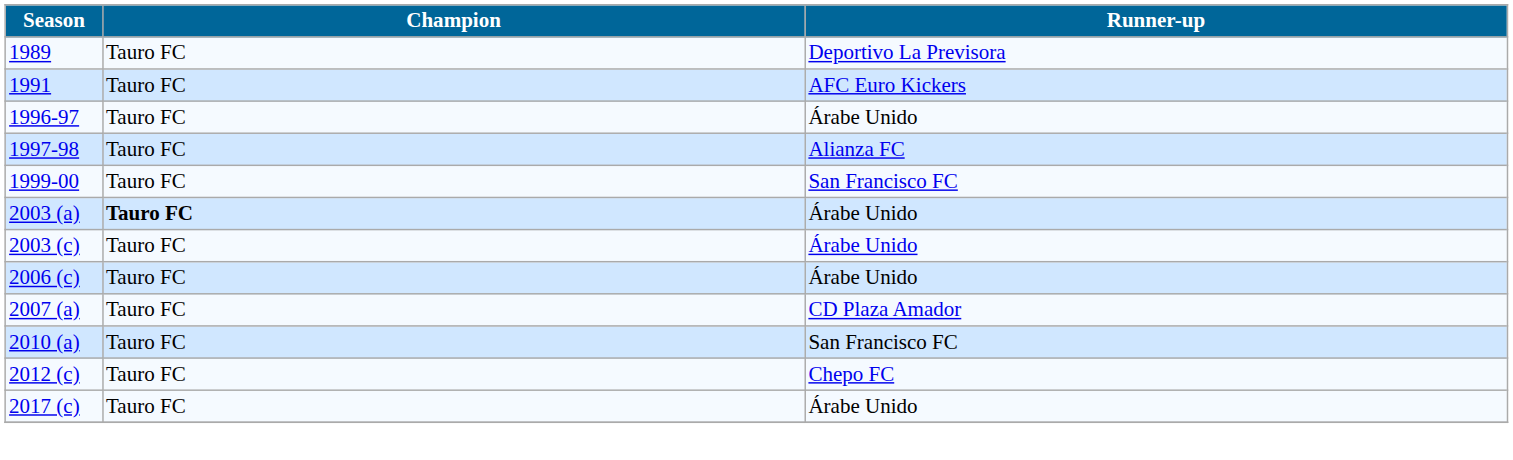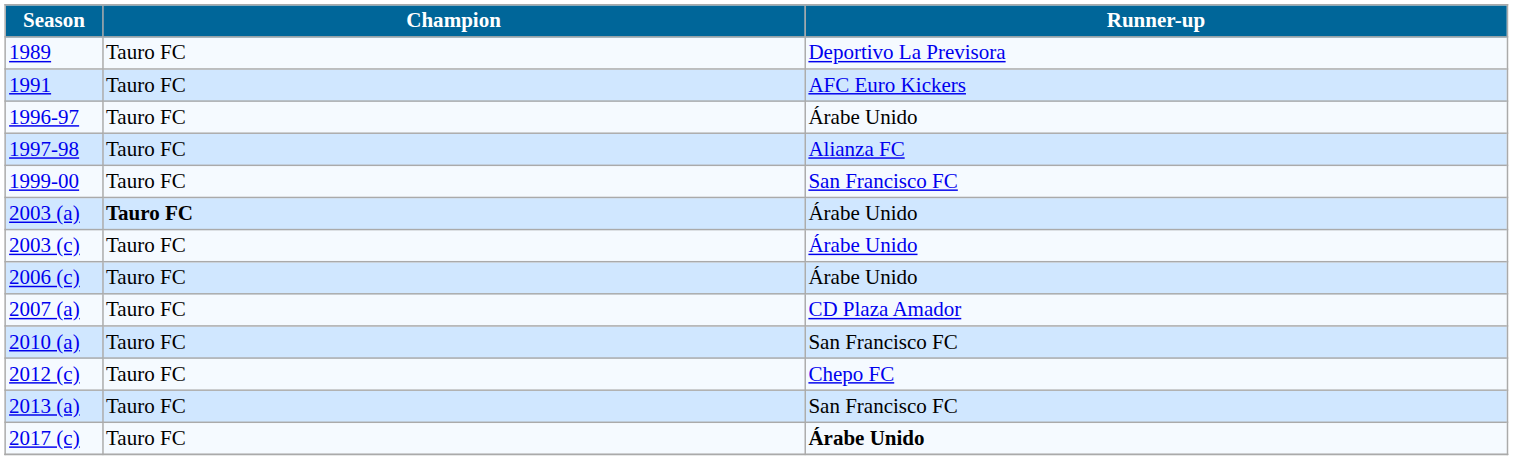 <table align=center width=65% border=1 cellpadding="2" cellspacing="0" style="background: #f9f9f9; border: 1px #AAA solid; border-collapse: collapse; font-size: 90%; text-align: ">
 <tr align=center bgcolor=#006699 style="color: white;">
 <th width=4%>Season</th>
 <th width=32%>Champion</th>
 <th width=32%>Runner-up</th>
 </tr>
 <tr bgcolor=#F5FAFF>
 <td><a href='#'>1989</a></td>
 <td>Tauro FC</td>
 <td><a href='#'>Deportivo La Previsora</a></td>
 </tr>
 <tr bgcolor=#D0E7FF>
 <td><a href='#'>1991</a></td>
 <td>Tauro FC</td>
 <td><a href='#'>AFC Euro Kickers</a></td>
 </tr>
 <tr bgcolor=#F5FAFF>
 <td><a href='#'>1996-97</a></td>
 <td>Tauro FC</td>
 <td>Árabe Unido</td>
 </tr>
 <tr bgcolor=#D0E7FF>
 <td><a href='#'>1997-98</a></td>
 <td>Tauro FC</td>
 <td><a href='#'>Alianza FC</a></td>
 </tr>
 <tr bgcolor=#F5FAFF>
 <td><a href='#'>1999-00</a></td>
 <td>Tauro FC</td>
 <td><a href='#'>San Francisco FC</a></td>
 </tr>
 <tr bgcolor=#D0E7FF>
 <td><a href='#'>2003 (a)</a></td>
 <td><strong>Tauro FC</strong></td>
 <td Club Deportivo Árabe Unido>Árabe Unido</td>
 </tr>
 <tr bgcolor=#F5FAFF>
 <td><a href='#'>2003 (c)</a></td>
 <td>Tauro FC</td>
 <td><a href='#'>Árabe Unido</a></td>
 </tr>
 <tr bgcolor=#D0E7FF>
 <td><a href='#'>2006 (c)</a></td>
 <td>Tauro FC</td>
 <td>Árabe Unido</td>
 </tr>
 <tr bgcolor=#F5FAFF>
 <td><a href='#'>2007 (a)</a></td>
 <td>Tauro FC</td>
 <td><a href='#'>CD Plaza Amador</a></td>
 </tr>
 <tr bgcolor=#D0E7FF>
 <td><a href='#'>2010 (a)</a></td>
 <td>Tauro FC</td>
 <td>San Francisco FC</td>
 </tr>
 <tr bgcolor=#F5FAFF>
 <td><a href='#'>2012 (c)</a></td>
 <td>Tauro FC</td>
 <td><a href='#'>Chepo FC</a></td>
 </tr>
+<tr bgcolor=#D0E7FF>
+<td><a href='#'>2013 (a)</a></td>
+<td>Tauro FC</td>
+<td>San Francisco FC</td>
+</tr>
 <tr bgcolor=#F5FAFF>
 <td><a href='#'>2017 (c)</a></td>
 <td>Tauro FC</td>
-<td>Árabe Unido</td>
+<td><strong>Árabe Unido</strong></td>
 </tr>
 <tr bgcolor=#D0E7FF>
 </tr>
 </table>
